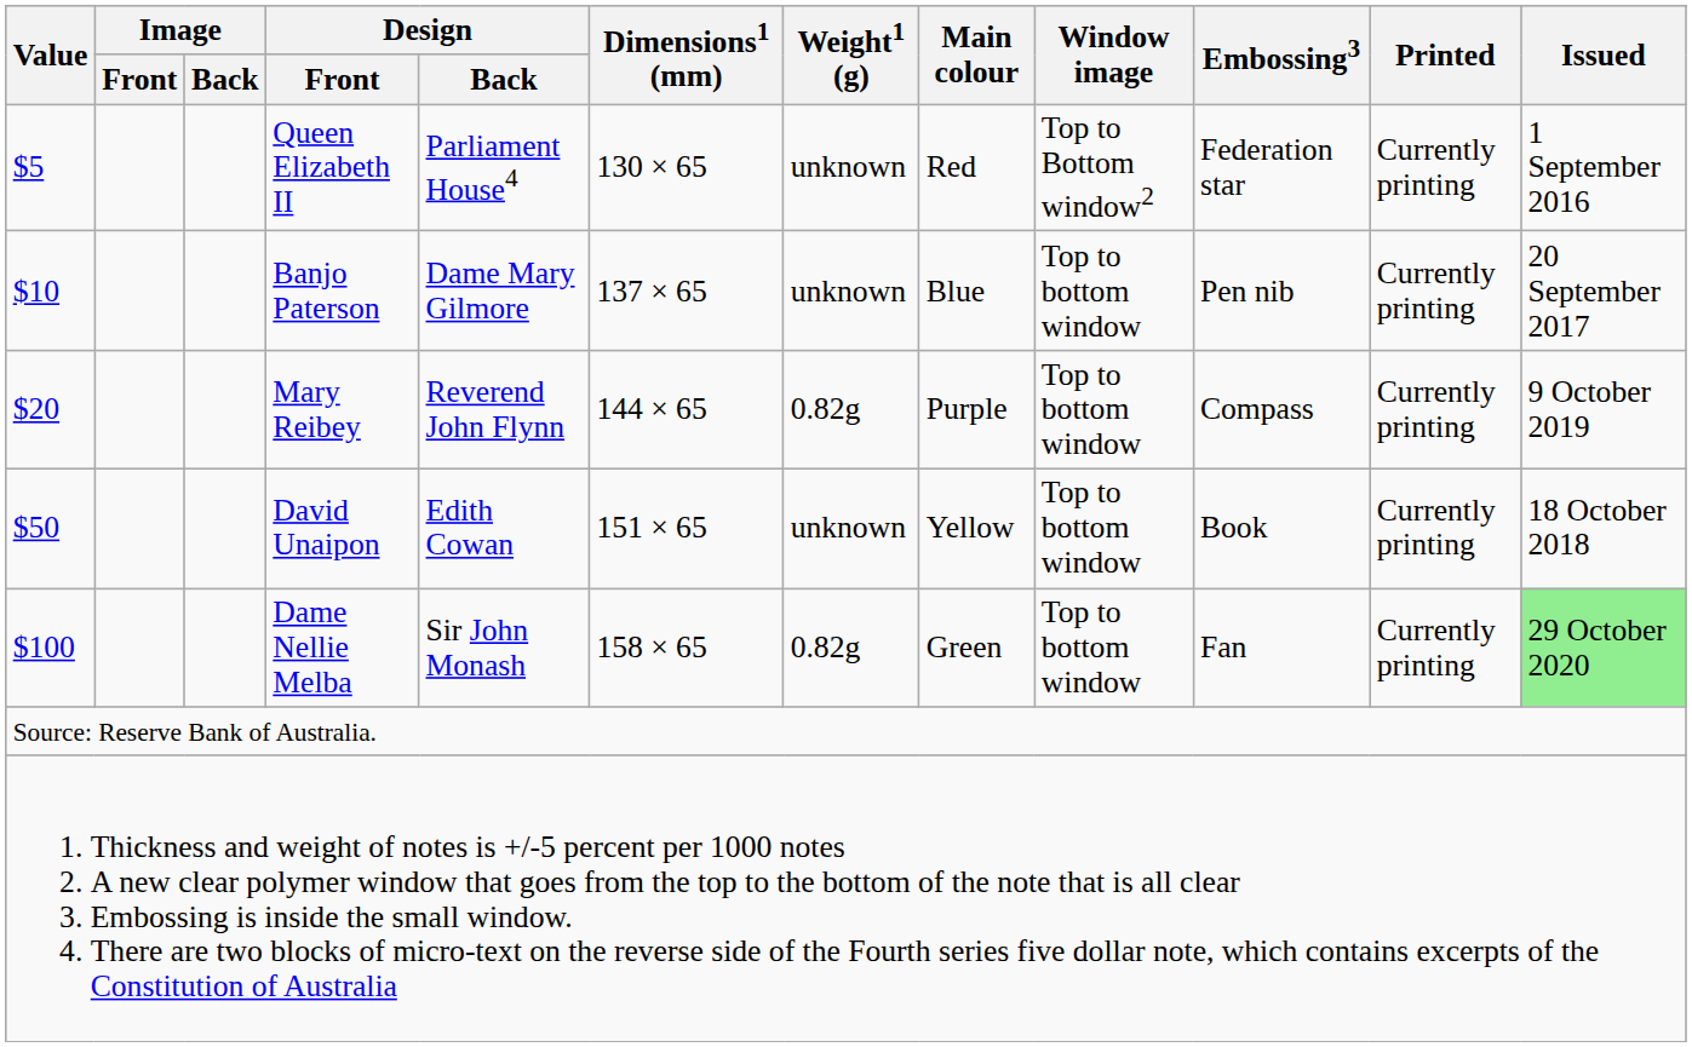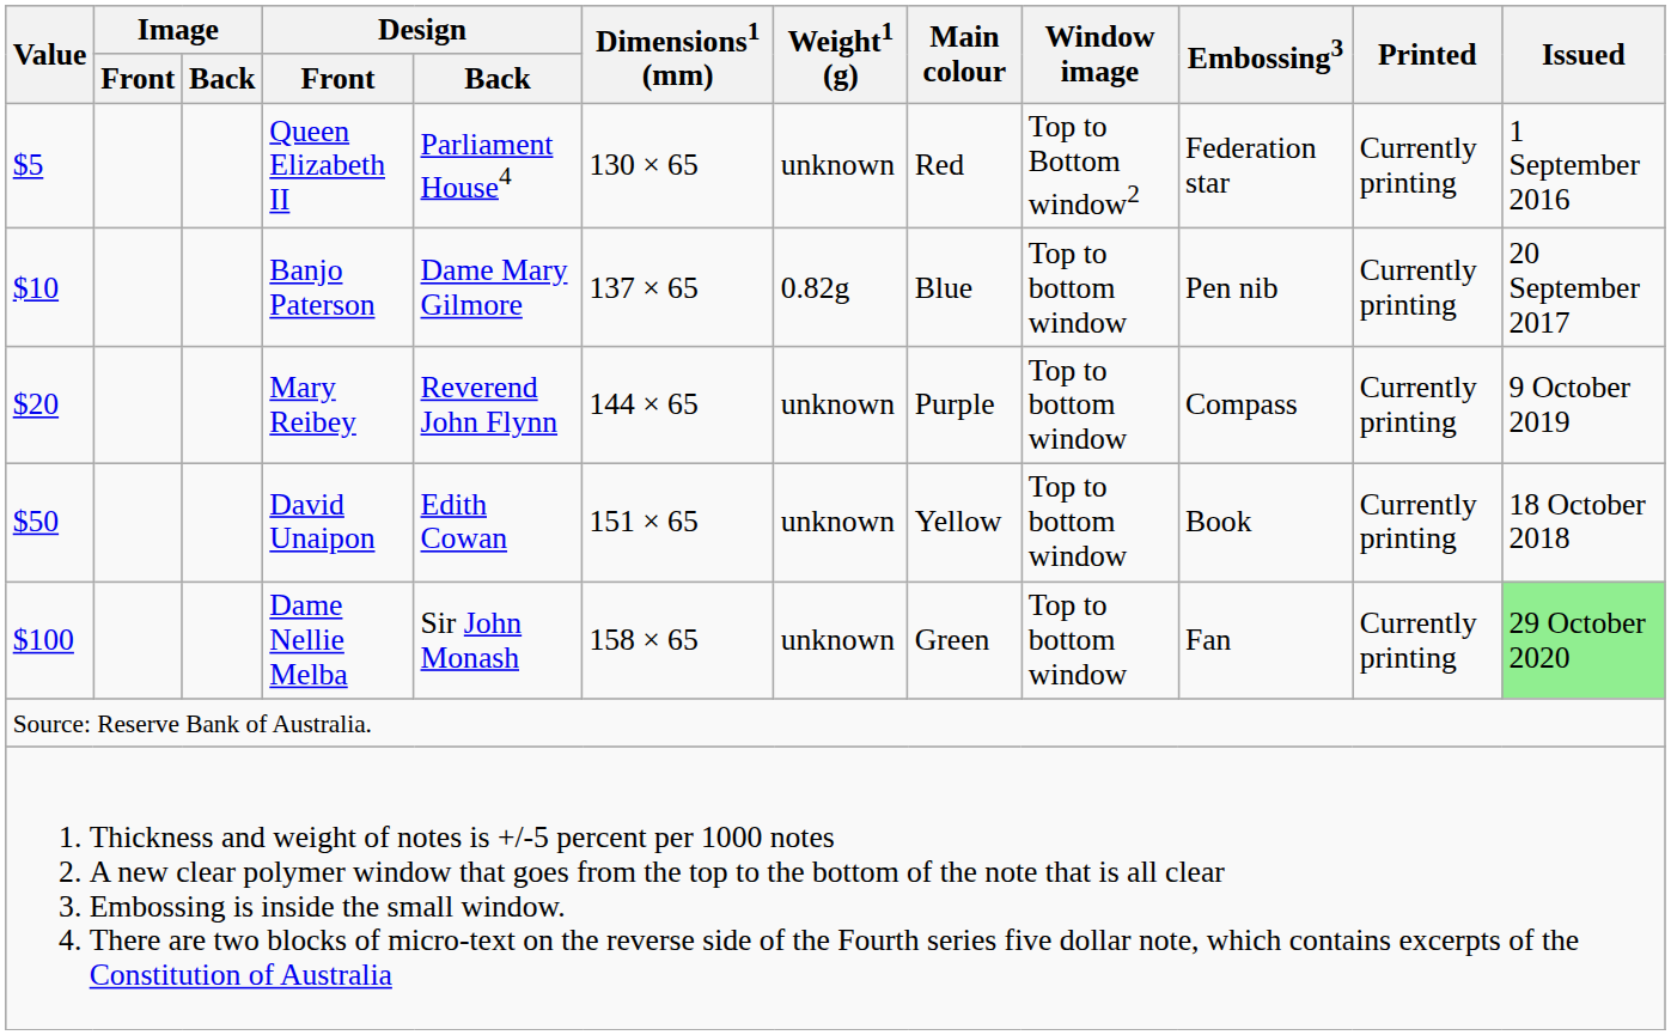 <table class="wikitable">
 <tr>
 <th rowspan="2">Value</th>
 <th colspan="2">Image</th>
 <th colspan="2">Design</th>
 <th rowspan="2">Dimensions<sup>1</sup> (mm)</th>
 <th rowspan="2">Weight<sup>1</sup> (g)</th>
 <th rowspan="2">Main colour</th>
 <th rowspan="2">Window image</th>
 <th rowspan="2">Embossing<sup>3</sup></th>
 <th rowspan="2">Printed</th>
 <th rowspan="2">Issued</th>
 </tr>
 <tr>
 <th>Front</th>
 <th>Back</th>
 <th>Front</th>
 <th>Back</th>
 </tr>
 <tr>
 <td><a href='#'>$5</a></td>
 <td></td>
 <td></td>
 <td><a href='#'>Queen Elizabeth II</a></td>
 <td><a href='#'>Parliament House</a><sup>4</sup></td>
 <td>130 × 65</td>
 <td>unknown</td>
 <td>Red</td>
 <td>Top to Bottom window<sup>2</sup></td>
 <td>Federation star</td>
 <td>Currently printing</td>
 <td>1 September 2016</td>
 </tr>
 <tr>
 <td><a href='#'>$10</a></td>
 <td></td>
 <td></td>
 <td><a href='#'>Banjo Paterson</a></td>
 <td><a href='#'>Dame Mary Gilmore</a></td>
 <td>137 × 65</td>
-<td>unknown</td>
+<td>0.82g</td>
 <td>Blue</td>
 <td>Top to bottom window</td>
 <td>Pen nib</td>
 <td>Currently printing</td>
 <td>20 September 2017</td>
 </tr>
 <tr>
 <td><a href='#'>$20</a></td>
 <td></td>
 <td></td>
 <td><a href='#'>Mary Reibey</a></td>
 <td><a href='#'>Reverend John Flynn</a></td>
 <td>144 × 65</td>
-<td>0.82g</td>
+<td>unknown</td>
 <td>Purple</td>
 <td>Top to bottom window</td>
 <td>Compass</td>
 <td>Currently printing</td>
 <td>9 October 2019</td>
 </tr>
 <tr>
 <td><a href='#'>$50</a></td>
 <td></td>
 <td></td>
 <td><a href='#'>David Unaipon</a></td>
 <td><a href='#'>Edith Cowan</a></td>
 <td>151 × 65</td>
 <td>unknown</td>
 <td>Yellow</td>
 <td>Top to bottom window</td>
 <td>Book</td>
 <td>Currently printing</td>
 <td>18 October  2018</td>
 </tr>
 <tr>
 <td><a href='#'>$100</a></td>
 <td></td>
 <td></td>
 <td><a href='#'>Dame Nellie Melba</a></td>
 <td>Sir <a href='#'>John Monash</a></td>
 <td>158 × 65</td>
-<td>0.82g</td>
+<td>unknown</td>
 <td>Green</td>
 <td>Top to bottom window</td>
 <td>Fan</td>
 <td>Currently printing</td>
 <td style="background: lightgreen;">29 October 2020</td>
 </tr>
 <tr>
 <td colspan="12"> <small>Source: Reserve Bank of Australia.</small></td>
 </tr>
 <tr>
 <td colspan="12"><br><ol><li>Thickness and weight of notes is +/-5 percent per 1000 notes</li><li>A new clear polymer window that goes from the top to the bottom of the note that is all clear</li><li>Embossing is inside the small window.</li><li>There are two blocks of micro-text on the reverse side of the Fourth series five dollar note, which contains excerpts of the <a href='#'>Constitution of Australia</a></li></ol></td>
 </tr>
 </table>
